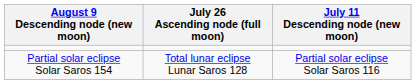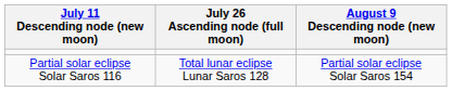 <table class="wikitable">
 <tr>
+<th><a href='#'>July 11</a><br>Descending node (new moon)<br></th>
+<th>July 26<br>Ascending node (full moon)</th>
 <th><a href='#'>August 9</a><br>Descending node (new moon)<br></th>
-<th>July 26<br>Ascending node (full moon)</th>
-<th><a href='#'>July 11</a><br>Descending node (new moon)<br></th>
 </tr>
 <tr>
 <td></td>
 <td></td>
 <td></td>
 </tr>
 <tr align=center>
+<td><a href='#'>Partial solar eclipse</a><br>Solar Saros 116</td>
+<td><a href='#'>Total lunar eclipse</a><br>Lunar Saros 128</td>
 <td><a href='#'>Partial solar eclipse</a><br>Solar Saros 154</td>
-<td><a href='#'>Total lunar eclipse</a><br>Lunar Saros 128</td>
-<td><a href='#'>Partial solar eclipse</a><br>Solar Saros 116</td>
 </tr>
 </table>
